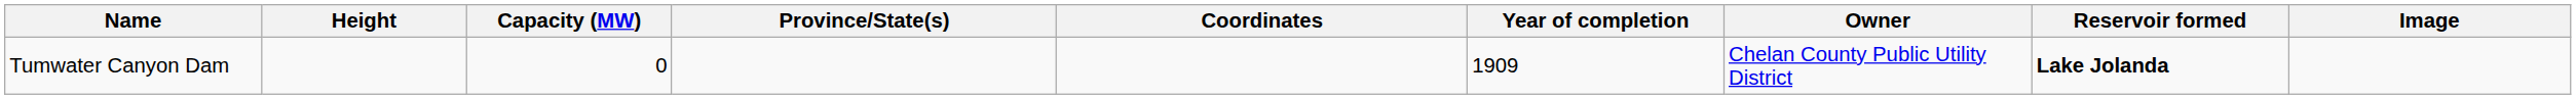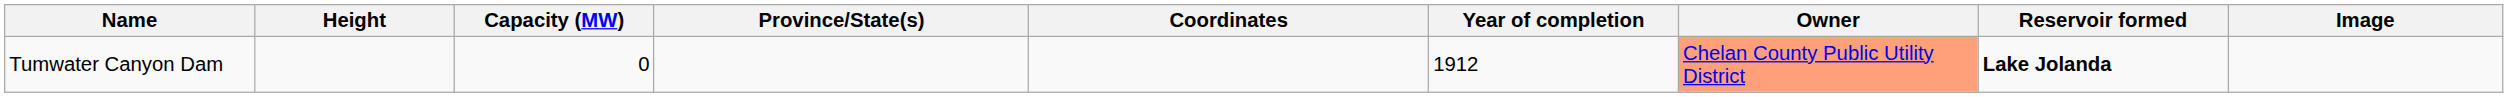 <table class="wikitable sortable" border="1">
 <tr>
 <th width="10%">Name</th>
 <th width="8%">Height</th>
 <th width="8%">Capacity (<a href='#'>MW</a>)</th>
 <th width="15%">Province/State(s)</th>
 <th width="16%">Coordinates</th>
 <th width="10%">Year of completion</th>
 <th width="12%">Owner</th>
 <th width="10%">Reservoir formed</th>
 <th>Image</th>
 </tr>
 <tr>
 <td>Tumwater Canyon Dam</td>
 <td></td>
 <td align=right>0</td>
 <td></td>
 <td></td>
-<td>1909</td>
-<td><a href='#'>Chelan County Public Utility District</a></td>
+<td>1912</td>
+<td style="background: lightsalmon;"><a href='#'>Chelan County Public Utility District</a></td>
 <td><strong>Lake Jolanda</strong></td>
 <td></td>
 </tr>
 </table>
